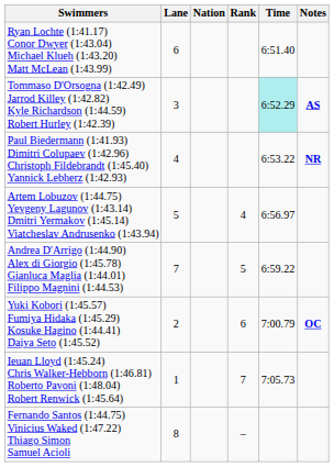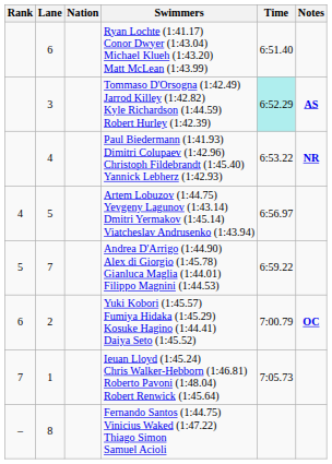 <table class="wikitable sortable" style="text-align:center">
 <tr>
-<th>Swimmers</th>
+<th>Rank</th>
 <th>Lane</th>
 <th>Nation</th>
-<th>Rank</th>
+<th>Swimmers</th>
 <th>Time</th>
 <th>Notes</th>
 </tr>
 <tr>
-<td align=left><a href='#'>Ryan Lochte</a> (1:41.17)<br><a href='#'>Conor Dwyer</a> (1:43.04)<br><a href='#'>Michael Klueh</a> (1:43.20)<br><a href='#'>Matt McLean</a> (1:43.99)</td>
+<td></td>
 <td>6</td>
 <td align=left></td>
-<td></td>
+<td align=left><a href='#'>Ryan Lochte</a> (1:41.17)<br><a href='#'>Conor Dwyer</a> (1:43.04)<br><a href='#'>Michael Klueh</a> (1:43.20)<br><a href='#'>Matt McLean</a> (1:43.99)</td>
 <td>6:51.40</td>
 <td></td>
 </tr>
 <tr>
-<td align=left><a href='#'>Tommaso D'Orsogna</a> (1:42.49)<br><a href='#'>Jarrod Killey</a> (1:42.82)<br><a href='#'>Kyle Richardson</a> (1:44.59)<br><a href='#'>Robert Hurley</a> (1:42.39)</td>
+<td></td>
 <td>3</td>
 <td align=left></td>
-<td></td>
+<td align=left><a href='#'>Tommaso D'Orsogna</a> (1:42.49)<br><a href='#'>Jarrod Killey</a> (1:42.82)<br><a href='#'>Kyle Richardson</a> (1:44.59)<br><a href='#'>Robert Hurley</a> (1:42.39)</td>
 <td style="background: paleturquoise;">6:52.29</td>
 <td><strong><a href='#'>AS</a></strong></td>
 </tr>
 <tr>
-<td align=left><a href='#'>Paul Biedermann</a> (1:41.93)<br><a href='#'>Dimitri Colupaev</a> (1:42.96)<br><a href='#'>Christoph Fildebrandt</a> (1:45.40)<br><a href='#'>Yannick Lebherz</a> (1:42.93)</td>
+<td></td>
 <td>4</td>
 <td align=left></td>
-<td></td>
+<td align=left><a href='#'>Paul Biedermann</a> (1:41.93)<br><a href='#'>Dimitri Colupaev</a> (1:42.96)<br><a href='#'>Christoph Fildebrandt</a> (1:45.40)<br><a href='#'>Yannick Lebherz</a> (1:42.93)</td>
 <td>6:53.22</td>
 <td><strong><a href='#'>NR</a></strong></td>
 </tr>
 <tr>
-<td align=left><a href='#'>Artem Lobuzov</a> (1:44.75)<br><a href='#'>Yevgeny Lagunov</a> (1:43.14)<br><a href='#'>Dmitri Yermakov</a> (1:45.14)<br><a href='#'>Viatcheslav Andrusenko</a> (1:43.94)</td>
+<td>4</td>
 <td>5</td>
 <td align=left></td>
-<td>4</td>
+<td align=left><a href='#'>Artem Lobuzov</a> (1:44.75)<br><a href='#'>Yevgeny Lagunov</a> (1:43.14)<br><a href='#'>Dmitri Yermakov</a> (1:45.14)<br><a href='#'>Viatcheslav Andrusenko</a> (1:43.94)</td>
 <td>6:56.97</td>
 <td></td>
 </tr>
 <tr>
-<td align=left><a href='#'>Andrea D'Arrigo</a> (1:44.90)<br><a href='#'>Alex di Giorgio</a> (1:45.78)<br><a href='#'>Gianluca Maglia</a> (1:44.01)<br><a href='#'>Filippo Magnini</a> (1:44.53)</td>
+<td>5</td>
 <td>7</td>
 <td align=left></td>
-<td>5</td>
+<td align=left><a href='#'>Andrea D'Arrigo</a> (1:44.90)<br><a href='#'>Alex di Giorgio</a> (1:45.78)<br><a href='#'>Gianluca Maglia</a> (1:44.01)<br><a href='#'>Filippo Magnini</a> (1:44.53)</td>
 <td>6:59.22</td>
 <td></td>
 </tr>
 <tr>
-<td align=left><a href='#'>Yuki Kobori</a> (1:45.57)<br><a href='#'>Fumiya Hidaka</a> (1:45.29)<br><a href='#'>Kosuke Hagino</a> (1:44.41)<br><a href='#'>Daiya Seto</a> (1:45.52)</td>
+<td>6</td>
 <td>2</td>
 <td align=left></td>
-<td>6</td>
+<td align=left><a href='#'>Yuki Kobori</a> (1:45.57)<br><a href='#'>Fumiya Hidaka</a> (1:45.29)<br><a href='#'>Kosuke Hagino</a> (1:44.41)<br><a href='#'>Daiya Seto</a> (1:45.52)</td>
 <td>7:00.79</td>
 <td><strong><a href='#'>OC</a></strong></td>
 </tr>
 <tr>
-<td align=left><a href='#'>Ieuan Lloyd</a> (1:45.24)<br><a href='#'>Chris Walker-Hebborn</a> (1:46.81)<br><a href='#'>Roberto Pavoni</a> (1:48.04)<br><a href='#'>Robert Renwick</a> (1:45.64)</td>
+<td>7</td>
 <td>1</td>
 <td align=left></td>
-<td>7</td>
+<td align=left><a href='#'>Ieuan Lloyd</a> (1:45.24)<br><a href='#'>Chris Walker-Hebborn</a> (1:46.81)<br><a href='#'>Roberto Pavoni</a> (1:48.04)<br><a href='#'>Robert Renwick</a> (1:45.64)</td>
 <td>7:05.73</td>
 <td></td>
 </tr>
 <tr>
-<td align=left><a href='#'>Fernando Santos</a> (1:44.75)<br><a href='#'>Vinicius Waked</a> (1:47.22)<br><a href='#'>Thiago Simon</a><br><a href='#'>Samuel Acioli</a></td>
+<td>–</td>
 <td>8</td>
 <td align=left></td>
-<td>–</td>
+<td align=left><a href='#'>Fernando Santos</a> (1:44.75)<br><a href='#'>Vinicius Waked</a> (1:47.22)<br><a href='#'>Thiago Simon</a><br><a href='#'>Samuel Acioli</a></td>
 <td></td>
 <td></td>
 </tr>
 </table>
